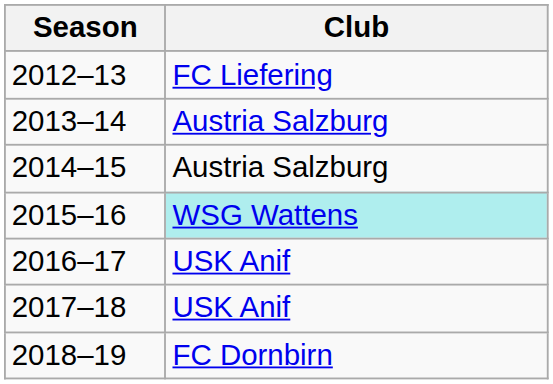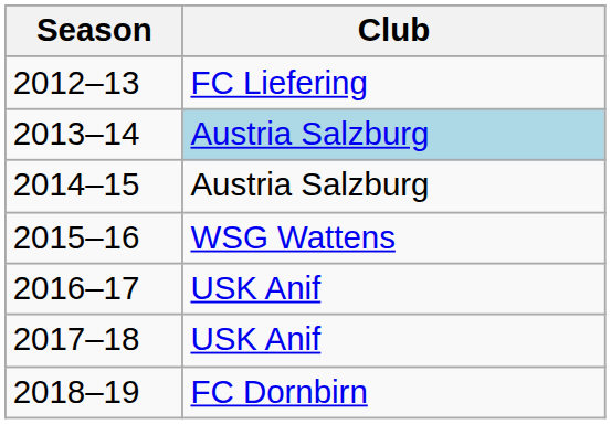 <table class="wikitable">
 <tr align="center" style="background:#dfdfdf">
 <th width="80">Season</th>
 <th width="200">Club</th>
 </tr>
 <tr>
 <td>2012–13</td>
 <td><a href='#'>FC Liefering</a></td>
 </tr>
 <tr>
 <td>2013–14</td>
-<td><a href='#'>Austria Salzburg</a></td>
+<td style="background: lightblue;"><a href='#'>Austria Salzburg</a></td>
 </tr>
 <tr>
 <td>2014–15</td>
 <td>Austria Salzburg</td>
 </tr>
 <tr>
 <td>2015–16</td>
-<td style="background: paleturquoise;"><a href='#'>WSG Wattens</a></td>
+<td><a href='#'>WSG Wattens</a></td>
 </tr>
 <tr>
 <td>2016–17</td>
 <td><a href='#'>USK Anif</a></td>
 </tr>
 <tr>
 <td>2017–18</td>
 <td><a href='#'>USK Anif</a></td>
 </tr>
 <tr>
 <td>2018–19</td>
 <td><a href='#'>FC Dornbirn</a></td>
 </tr>
 </table>
